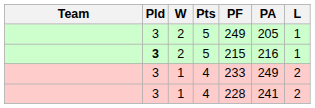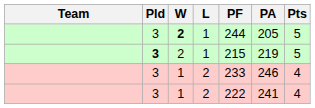 <table class="wikitable" style="text-align:center;">
 <tr>
 <th width=170>Team</th>
 <th width=25>Pld</th>
 <th width=25>W</th>
-<th width=25>Pts</th>
+<th width=25>L</th>
 <th width=35>PF</th>
 <th width=35>PA</th>
-<th width=25>L</th>
+<th width=25>Pts</th>
 </tr>
 <tr bgcolor=#ccffcc>
 <td align="left"></td>
 <td>3</td>
-<td>2</td>
+<td><strong>2</strong></td>
+<td>1</td>
+<td>244</td>
+<td>205</td>
 <td>5</td>
-<td>249</td>
-<td>205</td>
-<td>1</td>
 </tr>
 <tr bgcolor=#ccffcc>
 <td align="left"></td>
 <td><strong>3</strong></td>
 <td>2</td>
+<td>1</td>
+<td>215</td>
+<td>219</td>
 <td>5</td>
-<td>215</td>
-<td>216</td>
-<td>1</td>
 </tr>
 <tr bgcolor=#ffcccc>
 <td align="left"></td>
 <td>3</td>
 <td>1</td>
+<td>2</td>
+<td>233</td>
+<td>246</td>
 <td>4</td>
-<td>233</td>
-<td>249</td>
-<td>2</td>
 </tr>
 <tr bgcolor=#ffcccc>
 <td align="left"></td>
 <td>3</td>
 <td>1</td>
+<td>2</td>
+<td>222</td>
+<td>241</td>
 <td>4</td>
-<td>228</td>
-<td>241</td>
-<td>2</td>
 </tr>
 </table>
